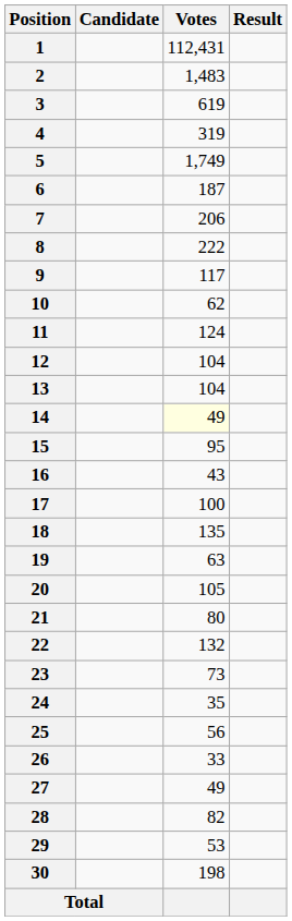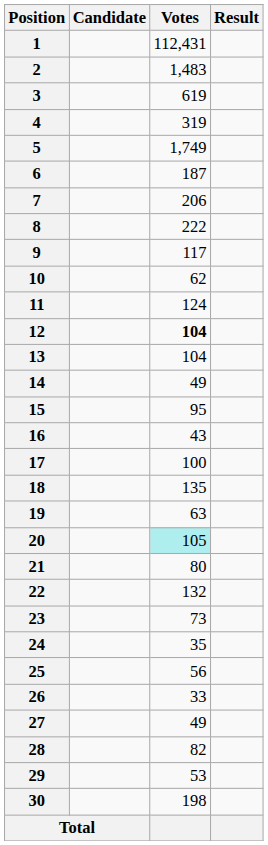 <table class="wikitable sortable">
 <tr>
 <th scope="col">Position</th>
 <th scope="col">Candidate</th>
 <th scope="col">Votes</th>
 <th scope="col">Result</th>
 </tr>
 <tr>
 <th scope="row">1</th>
 <td></td>
 <td style="text-align:right">112,431</td>
 <td></td>
 </tr>
 <tr>
 <th scope="row">2</th>
 <td></td>
 <td style="text-align:right">1,483</td>
 <td></td>
 </tr>
 <tr>
 <th scope="row">3</th>
 <td></td>
 <td style="text-align:right">619</td>
 <td></td>
 </tr>
 <tr>
 <th scope="row">4</th>
 <td></td>
 <td style="text-align:right">319</td>
 <td></td>
 </tr>
 <tr>
 <th scope="row">5</th>
 <td></td>
 <td style="text-align:right">1,749</td>
 <td></td>
 </tr>
 <tr>
 <th scope="row">6</th>
 <td></td>
 <td style="text-align:right">187</td>
 <td></td>
 </tr>
 <tr>
 <th scope="row">7</th>
 <td></td>
 <td style="text-align:right">206</td>
 <td></td>
 </tr>
 <tr>
 <th scope="row">8</th>
 <td></td>
 <td style="text-align:right">222</td>
 <td></td>
 </tr>
 <tr>
 <th scope="row">9</th>
 <td></td>
 <td style="text-align:right">117</td>
 <td></td>
 </tr>
 <tr>
 <th scope="row">10</th>
 <td></td>
 <td style="text-align:right">62</td>
 <td></td>
 </tr>
 <tr>
 <th scope="row">11</th>
 <td></td>
 <td style="text-align:right">124</td>
 <td></td>
 </tr>
 <tr>
 <th scope="row">12</th>
 <td></td>
-<td style="text-align:right">104</td>
+<td style="text-align:right"><strong>104</strong></td>
 <td></td>
 </tr>
 <tr>
 <th scope="row">13</th>
 <td></td>
 <td style="text-align:right">104</td>
 <td></td>
 </tr>
 <tr>
 <th scope="row">14</th>
 <td></td>
-<td style="background: lightyellow; text-align:right">49</td>
+<td style="text-align:right">49</td>
 <td></td>
 </tr>
 <tr>
 <th scope="row">15</th>
 <td></td>
 <td style="text-align:right">95</td>
 <td></td>
 </tr>
 <tr>
 <th scope="row">16</th>
 <td></td>
 <td style="text-align:right">43</td>
 <td></td>
 </tr>
 <tr>
 <th scope="row">17</th>
 <td></td>
 <td style="text-align:right">100</td>
 <td></td>
 </tr>
 <tr>
 <th scope="row">18</th>
 <td></td>
 <td style="text-align:right">135</td>
 <td></td>
 </tr>
 <tr>
 <th scope="row">19</th>
 <td></td>
 <td style="text-align:right">63</td>
 <td></td>
 </tr>
 <tr>
 <th scope="row">20</th>
 <td></td>
-<td style="text-align:right">105</td>
+<td style="background: paleturquoise; text-align:right">105</td>
 <td></td>
 </tr>
 <tr>
 <th scope="row">21</th>
 <td></td>
 <td style="text-align:right">80</td>
 <td></td>
 </tr>
 <tr>
 <th scope="row">22</th>
 <td></td>
 <td style="text-align:right">132</td>
 <td></td>
 </tr>
 <tr>
 <th scope="row">23</th>
 <td></td>
 <td style="text-align:right">73</td>
 <td></td>
 </tr>
 <tr>
 <th scope="row">24</th>
 <td></td>
 <td style="text-align:right">35</td>
 <td></td>
 </tr>
 <tr>
 <th scope="row">25</th>
 <td></td>
 <td style="text-align:right">56</td>
 <td></td>
 </tr>
 <tr>
 <th scope="row">26</th>
 <td></td>
 <td style="text-align:right">33</td>
 <td></td>
 </tr>
 <tr>
 <th scope="row">27</th>
 <td></td>
 <td style="text-align:right">49</td>
 <td></td>
 </tr>
 <tr>
 <th scope="row">28</th>
 <td></td>
 <td style="text-align:right">82</td>
 <td></td>
 </tr>
 <tr>
 <th scope="row">29</th>
 <td></td>
 <td style="text-align:right">53</td>
 <td></td>
 </tr>
 <tr>
 <th scope="row">30</th>
 <td></td>
 <td style="text-align:right">198</td>
 <td></td>
 </tr>
 <tr class="sortbottom">
 <th scope="row" colspan="2">Total</th>
 <th style="text-align:right"></th>
 <th></th>
 </tr>
 </table>
